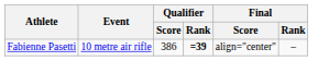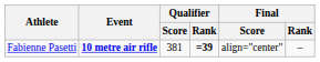 <table class="wikitable" style="font-size:90%">
 <tr>
 <th rowspan="2">Athlete</th>
 <th rowspan="2">Event</th>
 <th colspan="2">Qualifier</th>
 <th colspan="2">Final</th>
 </tr>
 <tr>
 <th>Score</th>
 <th>Rank</th>
 <th>Score</th>
 <th>Rank</th>
 </tr>
 <tr>
 <td><a href='#'>Fabienne Pasetti</a></td>
-<td><a href='#'>10 metre air rifle</a></td>
-<td align="center">386</td>
+<td><strong><a href='#'>10 metre air rifle</a></strong></td>
+<td align="center">381</td>
 <td align="center"><strong>=39</strong></td>
 <td>align="center" </td>
 <td align="center">–</td>
 </tr>
 </table>
